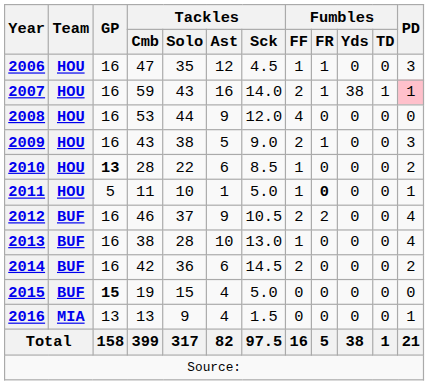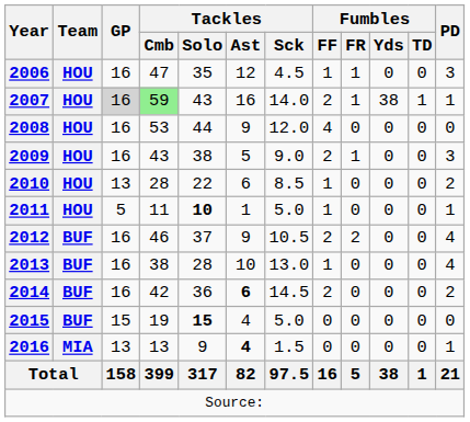 <table class=wikitable style="text-align:center;">
 <tr>
 <th rowspan="2">Year</th>
 <th rowspan="2">Team</th>
 <th rowspan="2">GP</th>
 <th colspan="4">Tackles</th>
 <th colspan="4">Fumbles</th>
 <th rowspan="2">PD</th>
 </tr>
 <tr>
 <th>Cmb</th>
 <th>Solo</th>
 <th>Ast</th>
 <th>Sck</th>
 <th>FF</th>
 <th>FR</th>
 <th>Yds</th>
 <th>TD</th>
 </tr>
 <tr>
 <th><a href='#'>2006</a></th>
 <th><a href='#'>HOU</a></th>
 <td>16</td>
 <td>47</td>
 <td>35</td>
 <td>12</td>
 <td>4.5</td>
 <td>1</td>
 <td>1</td>
 <td>0</td>
 <td>0</td>
 <td>3</td>
 </tr>
 <tr>
 <th><a href='#'>2007</a></th>
 <th><a href='#'>HOU</a></th>
-<td>16</td>
-<td>59</td>
+<td style="background: lightgrey;">16</td>
+<td style="background: lightgreen;">59</td>
 <td>43</td>
 <td>16</td>
 <td>14.0</td>
 <td>2</td>
 <td>1</td>
 <td>38</td>
 <td>1</td>
-<td style="background: pink;">1</td>
+<td>1</td>
 </tr>
 <tr>
 <th><a href='#'>2008</a></th>
 <th><a href='#'>HOU</a></th>
 <td>16</td>
 <td>53</td>
 <td>44</td>
 <td>9</td>
 <td>12.0</td>
 <td>4</td>
 <td>0</td>
 <td>0</td>
 <td>0</td>
 <td>0</td>
 </tr>
 <tr>
 <th><a href='#'>2009</a></th>
 <th><a href='#'>HOU</a></th>
 <td>16</td>
 <td>43</td>
 <td>38</td>
 <td>5</td>
 <td>9.0</td>
 <td>2</td>
 <td>1</td>
 <td>0</td>
 <td>0</td>
 <td>3</td>
 </tr>
 <tr>
 <th><a href='#'>2010</a></th>
 <th><a href='#'>HOU</a></th>
-<td><strong>13</strong></td>
+<td>13</td>
 <td>28</td>
 <td>22</td>
 <td>6</td>
 <td>8.5</td>
 <td>1</td>
 <td>0</td>
 <td>0</td>
 <td>0</td>
 <td>2</td>
 </tr>
 <tr>
 <th><a href='#'>2011</a></th>
 <th><a href='#'>HOU</a></th>
 <td>5</td>
 <td>11</td>
-<td>10</td>
+<td><strong>10</strong></td>
 <td>1</td>
 <td>5.0</td>
 <td>1</td>
-<td><strong>0</strong></td>
+<td>0</td>
 <td>0</td>
 <td>0</td>
 <td>1</td>
 </tr>
 <tr>
 <th><a href='#'>2012</a></th>
 <th><a href='#'>BUF</a></th>
 <td>16</td>
 <td>46</td>
 <td>37</td>
 <td>9</td>
 <td>10.5</td>
 <td>2</td>
 <td>2</td>
 <td>0</td>
 <td>0</td>
 <td>4</td>
 </tr>
 <tr>
 <th><a href='#'>2013</a></th>
 <th><a href='#'>BUF</a></th>
 <td>16</td>
 <td>38</td>
 <td>28</td>
 <td>10</td>
 <td>13.0</td>
 <td>1</td>
 <td>0</td>
 <td>0</td>
 <td>0</td>
 <td>4</td>
 </tr>
 <tr>
 <th><a href='#'>2014</a></th>
 <th><a href='#'>BUF</a></th>
 <td>16</td>
 <td>42</td>
 <td>36</td>
-<td>6</td>
+<td><strong>6</strong></td>
 <td>14.5</td>
 <td>2</td>
 <td>0</td>
 <td>0</td>
 <td>0</td>
 <td>2</td>
 </tr>
 <tr>
 <th><a href='#'>2015</a></th>
 <th><a href='#'>BUF</a></th>
+<td>15</td>
+<td>19</td>
 <td><strong>15</strong></td>
-<td>19</td>
-<td>15</td>
 <td>4</td>
 <td>5.0</td>
 <td>0</td>
 <td>0</td>
 <td>0</td>
 <td>0</td>
 <td>0</td>
 </tr>
 <tr>
 <th><a href='#'>2016</a></th>
 <th><a href='#'>MIA</a></th>
 <td>13</td>
 <td>13</td>
 <td>9</td>
-<td>4</td>
+<td><strong>4</strong></td>
 <td>1.5</td>
 <td>0</td>
 <td>0</td>
 <td>0</td>
 <td>0</td>
 <td>1</td>
 </tr>
 <tr>
 <th colspan="2">Total</th>
 <th>158</th>
 <th>399</th>
 <th>317</th>
 <th>82</th>
 <th>97.5</th>
 <th>16</th>
 <th>5</th>
 <th>38</th>
 <th>1</th>
 <th>21</th>
 </tr>
 <tr>
 <td colspan="15"><small>Source: </small></td>
 </tr>
 </table>
